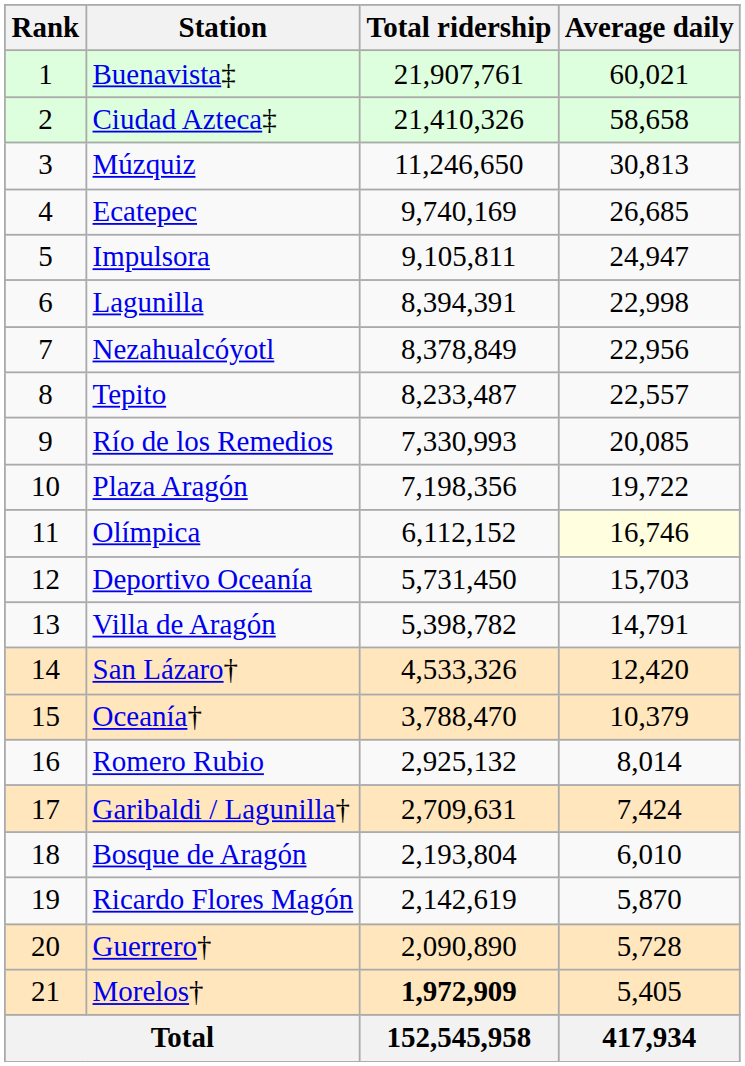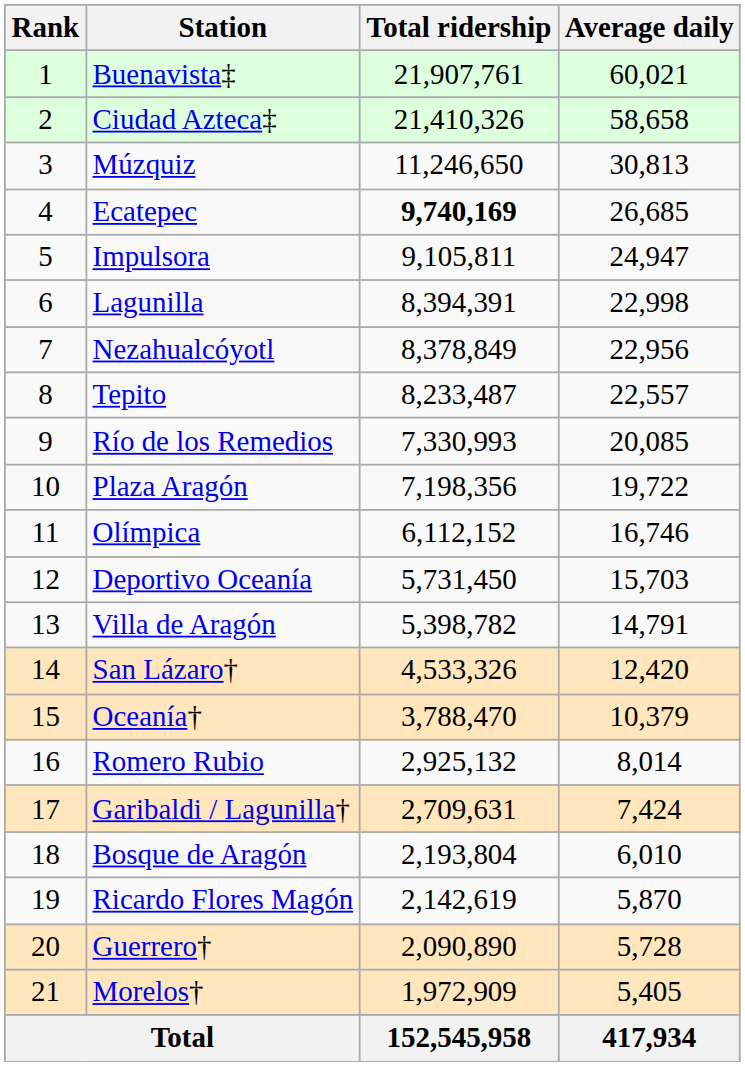 <table class=wikitable style="text-align:center">
 <tr>
 <th>Rank</th>
 <th>Station</th>
 <th>Total ridership</th>
 <th>Average daily</th>
 </tr>
 <tr style="background-color:#DDFFDD">
 <td>1</td>
 <td align=left><a href='#'>Buenavista</a>‡</td>
 <td>21,907,761</td>
 <td>60,021</td>
 </tr>
 <tr style="background-color:#DDFFDD">
 <td>2</td>
 <td align=left><a href='#'>Ciudad Azteca</a>‡</td>
 <td>21,410,326</td>
 <td>58,658</td>
 </tr>
 <tr>
 <td>3</td>
 <td align=left><a href='#'>Múzquiz</a></td>
 <td>11,246,650</td>
 <td>30,813</td>
 </tr>
 <tr>
 <td>4</td>
 <td align=left><a href='#'>Ecatepec</a></td>
-<td>9,740,169</td>
+<td><strong>9,740,169</strong></td>
 <td>26,685</td>
 </tr>
 <tr>
 <td>5</td>
 <td align=left><a href='#'>Impulsora</a></td>
 <td>9,105,811</td>
 <td>24,947</td>
 </tr>
 <tr>
 <td>6</td>
 <td align=left><a href='#'>Lagunilla</a></td>
 <td>8,394,391</td>
 <td>22,998</td>
 </tr>
 <tr>
 <td>7</td>
 <td align=left><a href='#'>Nezahualcóyotl</a></td>
 <td>8,378,849</td>
 <td>22,956</td>
 </tr>
 <tr>
 <td>8</td>
 <td align=left><a href='#'>Tepito</a></td>
 <td>8,233,487</td>
 <td>22,557</td>
 </tr>
 <tr>
 <td>9</td>
 <td align=left><a href='#'>Río de los Remedios</a></td>
 <td>7,330,993</td>
 <td>20,085</td>
 </tr>
 <tr>
 <td>10</td>
 <td align=left><a href='#'>Plaza Aragón</a></td>
 <td>7,198,356</td>
 <td>19,722</td>
 </tr>
 <tr>
 <td>11</td>
 <td align=left><a href='#'>Olímpica</a></td>
 <td>6,112,152</td>
-<td style="background: lightyellow;">16,746</td>
+<td>16,746</td>
 </tr>
 <tr>
 <td>12</td>
 <td align=left><a href='#'>Deportivo Oceanía</a></td>
 <td>5,731,450</td>
 <td>15,703</td>
 </tr>
 <tr>
 <td>13</td>
 <td align=left><a href='#'>Villa de Aragón</a></td>
 <td>5,398,782</td>
 <td>14,791</td>
 </tr>
 <tr style="background-color:#FFE6BD">
 <td>14</td>
 <td align=left><a href='#'>San Lázaro</a>†</td>
 <td>4,533,326</td>
 <td>12,420</td>
 </tr>
 <tr style="background-color:#FFE6BD">
 <td>15</td>
 <td align=left><a href='#'>Oceanía</a>†</td>
 <td>3,788,470</td>
 <td>10,379</td>
 </tr>
 <tr>
 <td>16</td>
 <td align=left><a href='#'>Romero Rubio</a></td>
 <td>2,925,132</td>
 <td>8,014</td>
 </tr>
 <tr style="background-color:#FFE6BD">
 <td>17</td>
 <td align=left><a href='#'>Garibaldi / Lagunilla</a>†</td>
 <td>2,709,631</td>
 <td>7,424</td>
 </tr>
 <tr>
 <td>18</td>
 <td align=left><a href='#'>Bosque de Aragón</a></td>
 <td>2,193,804</td>
 <td>6,010</td>
 </tr>
 <tr>
 <td>19</td>
 <td align=left><a href='#'>Ricardo Flores Magón</a></td>
 <td>2,142,619</td>
 <td>5,870</td>
 </tr>
 <tr style="background-color:#FFE6BD">
 <td>20</td>
 <td align=left><a href='#'>Guerrero</a>†</td>
 <td>2,090,890</td>
 <td>5,728</td>
 </tr>
 <tr style="background-color:#FFE6BD">
 <td>21</td>
 <td align=left><a href='#'>Morelos</a>†</td>
-<td><strong>1,972,909</strong></td>
+<td>1,972,909</td>
 <td>5,405</td>
 </tr>
 <tr>
 <th colspan=2>Total</th>
 <th>152,545,958</th>
 <th>417,934</th>
 </tr>
 </table>
